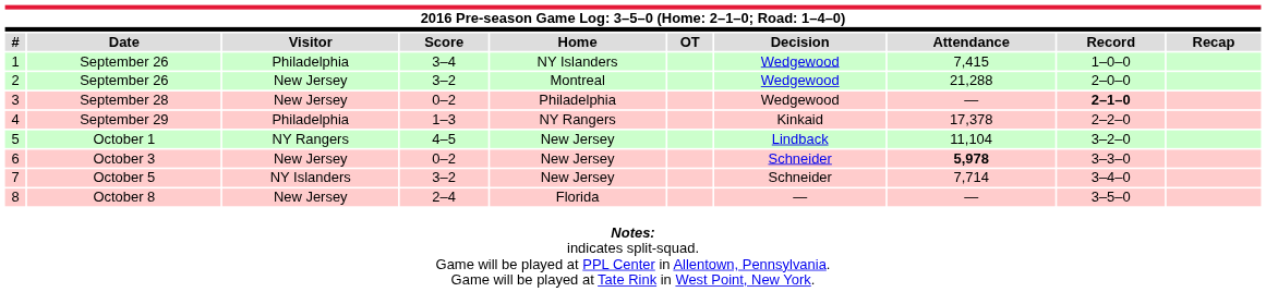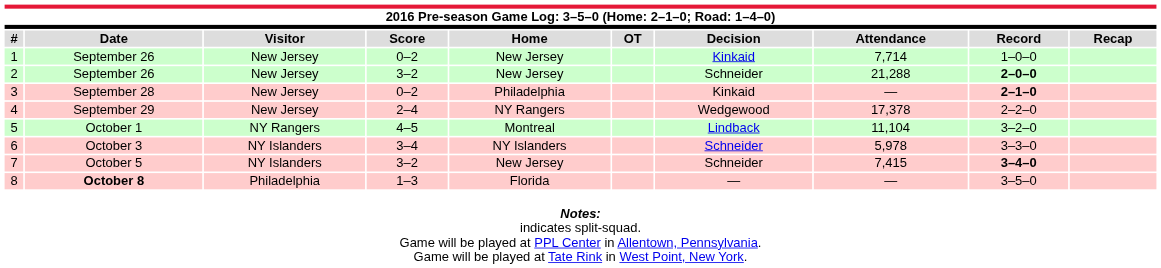 <table class="toccolours collapsible collapsed" style="width:90%; clear:both; margin:1.5em auto; text-align:center;">
 <tr>
 <th colspan=11 style="background:#fff; border-top:#E51837 5px solid; border-bottom:#000000 5px solid;">2016 Pre-season Game Log: 3–5–0 (Home: 2–1–0; Road: 1–4–0)</th>
 </tr>
 <tr style="background:#ddd;">
 <th>#</th>
 <th>Date</th>
 <th>Visitor</th>
 <th>Score</th>
 <th>Home</th>
 <th>OT</th>
 <th>Decision</th>
 <th>Attendance</th>
 <th>Record</th>
 <th>Recap</th>
 </tr>
 <tr style="background:#cfc;">
 <td>1</td>
 <td>September 26</td>
-<td>Philadelphia</td>
-<td>3–4</td>
-<td>NY Islanders</td>
+<td>New Jersey</td>
+<td>0–2</td>
+<td>New Jersey</td>
 <td></td>
-<td><a href='#'>Wedgewood</a></td>
-<td>7,415</td>
+<td><a href='#'>Kinkaid</a></td>
+<td>7,714</td>
 <td>1–0–0</td>
 <td></td>
 </tr>
 <tr style="background:#cfc;">
 <td>2</td>
 <td>September 26</td>
 <td>New Jersey</td>
 <td>3–2</td>
-<td>Montreal</td>
+<td>New Jersey</td>
 <td></td>
-<td><a href='#'>Wedgewood</a></td>
+<td>Schneider</td>
 <td>21,288</td>
-<td>2–0–0</td>
+<td><strong>2–0–0</strong></td>
 <td></td>
 </tr>
 <tr style="background:#fcc;">
 <td>3</td>
 <td>September 28</td>
 <td>New Jersey</td>
 <td>0–2</td>
 <td>Philadelphia</td>
 <td></td>
-<td>Wedgewood</td>
+<td>Kinkaid</td>
 <td>—</td>
 <td><strong>2–1–0</strong></td>
 <td></td>
 </tr>
 <tr style="background:#fcc;">
 <td>4</td>
 <td>September 29</td>
-<td>Philadelphia</td>
-<td>1–3</td>
+<td>New Jersey</td>
+<td>2–4</td>
 <td>NY Rangers</td>
 <td></td>
-<td>Kinkaid</td>
+<td>Wedgewood</td>
 <td>17,378</td>
 <td>2–2–0</td>
 <td></td>
 </tr>
 <tr style="background:#cfc;">
 <td>5</td>
 <td>October 1</td>
 <td>NY Rangers</td>
 <td>4–5</td>
-<td>New Jersey</td>
+<td>Montreal</td>
 <td></td>
 <td><a href='#'>Lindback</a></td>
 <td>11,104</td>
 <td>3–2–0</td>
 <td></td>
 </tr>
 <tr style="background:#fcc;">
 <td>6</td>
 <td>October 3</td>
-<td>New Jersey</td>
-<td>0–2</td>
-<td>New Jersey</td>
+<td>NY Islanders</td>
+<td>3–4</td>
+<td>NY Islanders</td>
 <td></td>
 <td><a href='#'>Schneider</a></td>
-<td><strong>5,978</strong></td>
+<td>5,978</td>
 <td>3–3–0</td>
 <td></td>
 </tr>
 <tr style="background:#fcc;">
 <td>7</td>
 <td>October 5</td>
 <td>NY Islanders</td>
 <td>3–2</td>
 <td>New Jersey</td>
 <td></td>
 <td>Schneider</td>
-<td>7,714</td>
-<td>3–4–0</td>
+<td>7,415</td>
+<td><strong>3–4–0</strong></td>
 <td></td>
 </tr>
 <tr style="background:#fcc;">
 <td>8</td>
-<td>October 8</td>
-<td>New Jersey</td>
-<td>2–4</td>
+<td><strong>October 8</strong></td>
+<td>Philadelphia</td>
+<td>1–3</td>
 <td>Florida</td>
 <td></td>
 <td>—</td>
 <td>—</td>
 <td>3–5–0</td>
 <td></td>
 </tr>
 <tr>
 <td colspan="10" style="text-align:center;"><br><strong><em>Notes:</em></strong><br> indicates split-squad.<br> Game will be played at <a href='#'>PPL Center</a> in <a href='#'>Allentown, Pennsylvania</a>.<br> Game will be played at <a href='#'>Tate Rink</a> in <a href='#'>West Point, New York</a>.</td>
 </tr>
 </table>
